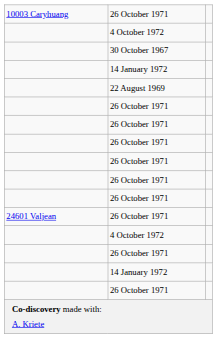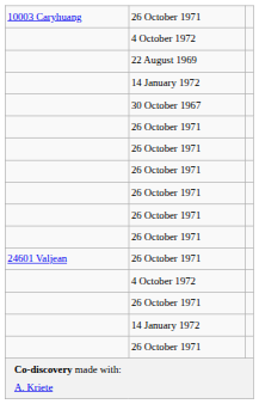 <table class="wikitable" style="font-size: 89%; float: left; width: 24em; margin-right: 1em; line-height: 1.65em !important;">
 <tr>
 <td><a href='#'>10003 Caryhuang</a></td>
 <td>26 October 1971</td>
 <td></td>
 </tr>
 <tr>
 <td></td>
 <td>4 October 1972</td>
 <td></td>
 </tr>
 <tr>
 <td></td>
-<td>30 October 1967</td>
+<td>22 August 1969</td>
 <td></td>
 </tr>
 <tr>
 <td></td>
 <td>14 January 1972</td>
 <td></td>
 </tr>
 <tr>
 <td></td>
-<td>22 August 1969</td>
+<td>30 October 1967</td>
 <td></td>
 </tr>
 <tr>
 <td></td>
 <td>26 October 1971</td>
 <td></td>
 </tr>
 <tr>
 <td></td>
 <td>26 October 1971</td>
 <td></td>
 </tr>
 <tr>
 <td></td>
 <td>26 October 1971</td>
 <td></td>
 </tr>
 <tr>
 <td></td>
 <td>26 October 1971</td>
 <td></td>
 </tr>
 <tr>
 <td></td>
 <td>26 October 1971</td>
 <td></td>
 </tr>
 <tr>
 <td></td>
 <td>26 October 1971</td>
 <td></td>
 </tr>
 <tr>
 <td><a href='#'>24601 Valjean</a></td>
 <td>26 October 1971</td>
 <td></td>
 </tr>
 <tr>
 <td></td>
 <td>4 October 1972</td>
 <td></td>
 </tr>
 <tr>
 <td></td>
 <td>26 October 1971</td>
 <td></td>
 </tr>
 <tr>
 <td></td>
 <td>14 January 1972</td>
 <td></td>
 </tr>
 <tr>
 <td></td>
 <td>26 October 1971</td>
 <td></td>
 </tr>
 <tr>
 <th colspan=3 style="font-weight: normal; text-align: left; padding: 4px 12px;"><strong>Co-discovery</strong> made with:<br> <a href='#'>A. Kriete</a></th>
 </tr>
 </table>
